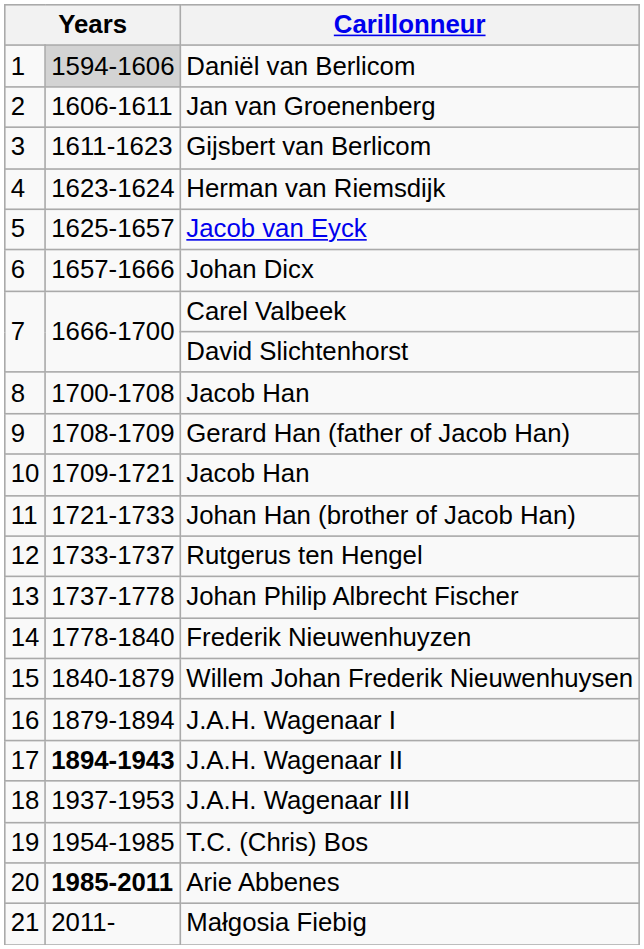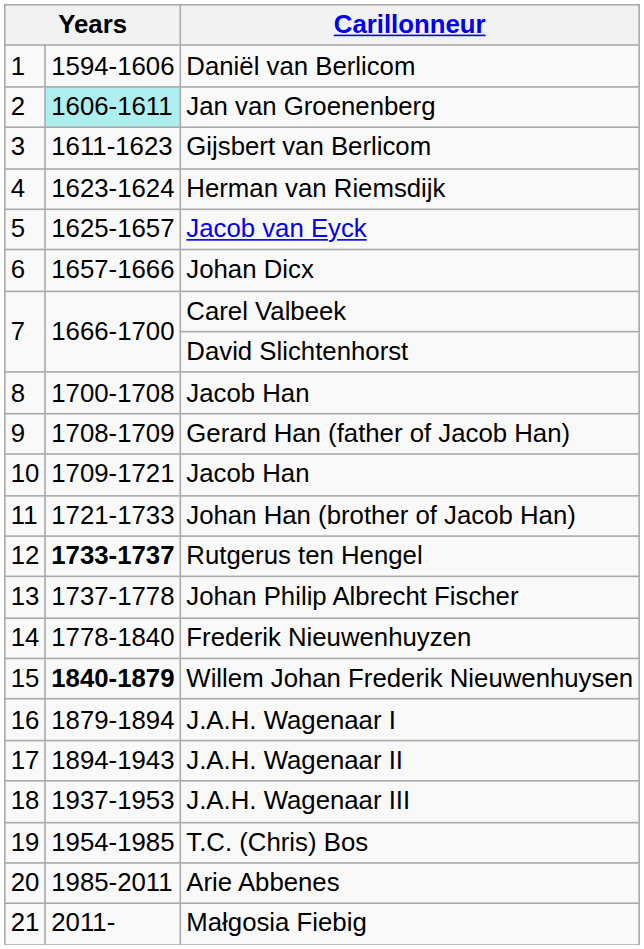 <table class="wikitable">
 <tr>
 <th colspan="2">Years</th>
 <th><a href='#'>Carillonneur</a></th>
 </tr>
 <tr>
 <td>1</td>
-<td style="background: lightgrey;">1594-1606</td>
+<td>1594-1606</td>
 <td>Daniël van Berlicom</td>
 </tr>
 <tr>
 <td>2</td>
-<td>1606-1611</td>
+<td style="background: paleturquoise;">1606-1611</td>
 <td>Jan van Groenenberg</td>
 </tr>
 <tr>
 <td>3</td>
 <td>1611-1623</td>
 <td>Gijsbert van Berlicom</td>
 </tr>
 <tr>
 <td>4</td>
 <td>1623-1624</td>
 <td>Herman van Riemsdijk</td>
 </tr>
 <tr>
 <td>5</td>
 <td>1625-1657</td>
 <td> <a href='#'>Jacob van Eyck</a></td>
 </tr>
 <tr>
 <td>6</td>
 <td>1657-1666</td>
 <td>Johan Dicx</td>
 </tr>
 <tr>
 <td rowspan="2">7</td>
 <td rowspan="2">1666-1700</td>
 <td>Carel Valbeek</td>
 </tr>
 <tr>
 <td>David Slichtenhorst</td>
 </tr>
 <tr>
 <td>8</td>
 <td>1700-1708</td>
 <td>Jacob Han</td>
 </tr>
 <tr>
 <td>9</td>
 <td>1708-1709</td>
 <td>Gerard Han (father of Jacob Han)</td>
 </tr>
 <tr>
 <td>10</td>
 <td>1709-1721</td>
 <td>Jacob Han</td>
 </tr>
 <tr>
 <td>11</td>
 <td>1721-1733</td>
 <td>Johan Han (brother of Jacob Han)</td>
 </tr>
 <tr>
 <td>12</td>
-<td>1733-1737</td>
+<td><strong>1733-1737</strong></td>
 <td>Rutgerus ten Hengel</td>
 </tr>
 <tr>
 <td>13</td>
 <td>1737-1778</td>
 <td>Johan Philip Albrecht Fischer</td>
 </tr>
 <tr>
 <td>14</td>
 <td>1778-1840</td>
 <td>Frederik Nieuwenhuyzen</td>
 </tr>
 <tr>
 <td>15</td>
-<td>1840-1879</td>
+<td><strong>1840-1879</strong></td>
 <td>Willem Johan Frederik Nieuwenhuysen</td>
 </tr>
 <tr>
 <td>16</td>
 <td>1879-1894</td>
 <td>J.A.H. Wagenaar I</td>
 </tr>
 <tr>
 <td>17</td>
-<td><strong>1894-1943</strong></td>
+<td>1894-1943</td>
 <td>J.A.H. Wagenaar II</td>
 </tr>
 <tr>
 <td>18</td>
 <td>1937-1953</td>
 <td>J.A.H. Wagenaar III</td>
 </tr>
 <tr>
 <td>19</td>
 <td>1954-1985</td>
 <td>T.C. (Chris) Bos</td>
 </tr>
 <tr>
 <td>20</td>
-<td><strong>1985-2011</strong></td>
+<td>1985-2011</td>
 <td>Arie Abbenes</td>
 </tr>
 <tr>
 <td>21</td>
 <td>2011-</td>
 <td>Małgosia Fiebig</td>
 </tr>
 </table>
